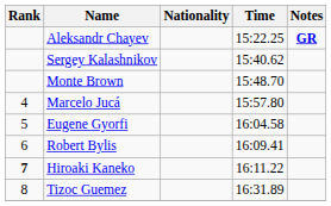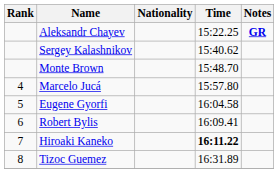 <table class="wikitable sortable" style="text-align:center">
 <tr>
 <th>Rank</th>
 <th>Name</th>
 <th>Nationality</th>
 <th>Time</th>
 <th>Notes</th>
 </tr>
 <tr>
 <td></td>
 <td align="left"><a href='#'>Aleksandr Chayev</a></td>
 <td align="left"></td>
 <td>15:22.25</td>
 <td><strong><a href='#'>GR</a></strong></td>
 </tr>
 <tr>
 <td></td>
 <td align="left"><a href='#'>Sergey Kalashnikov</a></td>
 <td align="left"></td>
 <td>15:40.62</td>
 <td></td>
 </tr>
 <tr>
 <td></td>
 <td align="left"><a href='#'>Monte Brown</a></td>
 <td align="left"></td>
 <td>15:48.70</td>
 <td></td>
 </tr>
 <tr>
 <td>4</td>
 <td align="left"><a href='#'>Marcelo Jucá</a></td>
 <td align="left"></td>
 <td>15:57.80</td>
 <td></td>
 </tr>
 <tr>
 <td>5</td>
 <td align="left"><a href='#'>Eugene Gyorfi</a></td>
 <td align="left"></td>
 <td>16:04.58</td>
 <td></td>
 </tr>
 <tr>
 <td>6</td>
 <td align="left"><a href='#'>Robert Bylis</a></td>
 <td align="left"></td>
 <td>16:09.41</td>
 <td></td>
 </tr>
 <tr>
-<td><strong>7</strong></td>
+<td>7</td>
 <td align="left"><a href='#'>Hiroaki Kaneko</a></td>
 <td align="left"></td>
-<td>16:11.22</td>
+<td><strong>16:11.22</strong></td>
 <td></td>
 </tr>
 <tr>
 <td>8</td>
 <td align="left"><a href='#'>Tizoc Guemez</a></td>
 <td align="left"></td>
 <td>16:31.89</td>
 <td></td>
 </tr>
 <tr>
 </tr>
 </table>
